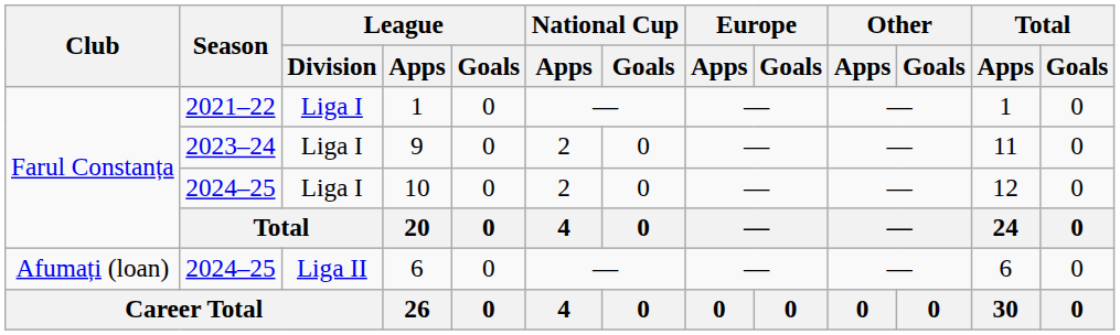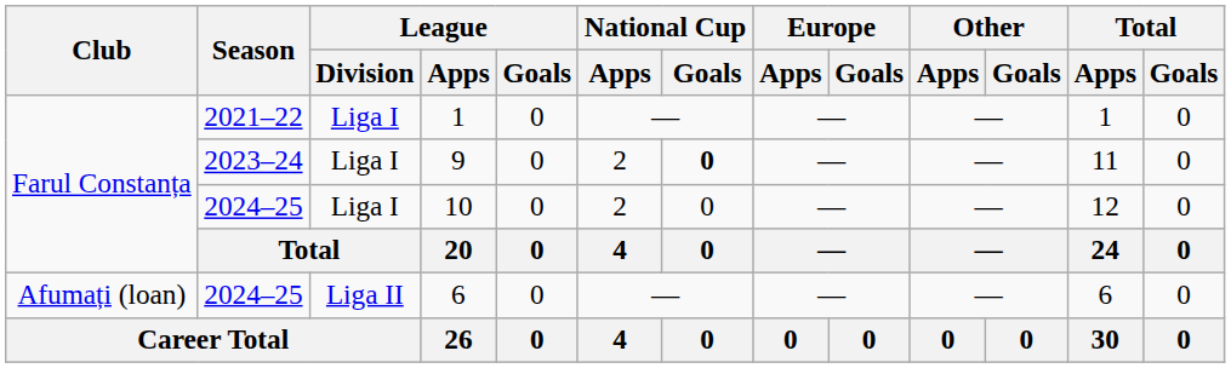 <table class=wikitable style=text-align:center>
 <tr>
 <th rowspan=2>Club</th>
 <th rowspan=2>Season</th>
 <th colspan=3>League</th>
 <th colspan=2>National Cup</th>
 <th colspan=2>Europe</th>
 <th colspan=2>Other</th>
 <th colspan=2>Total</th>
 </tr>
 <tr>
 <th>Division</th>
 <th>Apps</th>
 <th>Goals</th>
 <th>Apps</th>
 <th>Goals</th>
 <th>Apps</th>
 <th>Goals</th>
 <th>Apps</th>
 <th>Goals</th>
 <th>Apps</th>
 <th>Goals</th>
 </tr>
 <tr>
 <td rowspan="4"><a href='#'>Farul Constanța</a></td>
 <td><a href='#'>2021–22</a></td>
 <td rowspan="1"><a href='#'>Liga I</a></td>
 <td>1</td>
 <td>0</td>
 <td colspan=2>—</td>
 <td colspan=2>—</td>
 <td colspan=2>—</td>
 <td>1</td>
 <td>0</td>
 </tr>
 <tr>
 <td><a href='#'>2023–24</a></td>
 <td rowspan="1">Liga I</td>
 <td>9</td>
 <td>0</td>
 <td>2</td>
-<td>0</td>
+<td><strong>0</strong></td>
 <td colspan=2>—</td>
 <td colspan=2>—</td>
 <td>11</td>
 <td>0</td>
 </tr>
 <tr>
 <td><a href='#'>2024–25</a></td>
 <td rowspan="1">Liga I</td>
 <td>10</td>
 <td>0</td>
 <td>2</td>
 <td>0</td>
 <td colspan=2>—</td>
 <td colspan=2>—</td>
 <td>12</td>
 <td>0</td>
 </tr>
 <tr>
 <th colspan="2">Total</th>
 <th>20</th>
 <th>0</th>
 <th>4</th>
 <th>0</th>
 <th colspan=2>—</th>
 <th colspan=2>—</th>
 <th>24</th>
 <th>0</th>
 </tr>
 <tr>
 <td><a href='#'>Afumați</a> (loan)</td>
 <td><a href='#'>2024–25</a></td>
 <td><a href='#'>Liga II</a></td>
 <td>6</td>
 <td>0</td>
 <td colspan="2">—</td>
 <td colspan="2">—</td>
 <td colspan="2">—</td>
 <td>6</td>
 <td>0</td>
 </tr>
 <tr>
 <th colspan="3">Career Total</th>
 <th>26</th>
 <th>0</th>
 <th>4</th>
 <th>0</th>
 <th>0</th>
 <th>0</th>
 <th>0</th>
 <th>0</th>
 <th>30</th>
 <th>0</th>
 </tr>
 </table>
